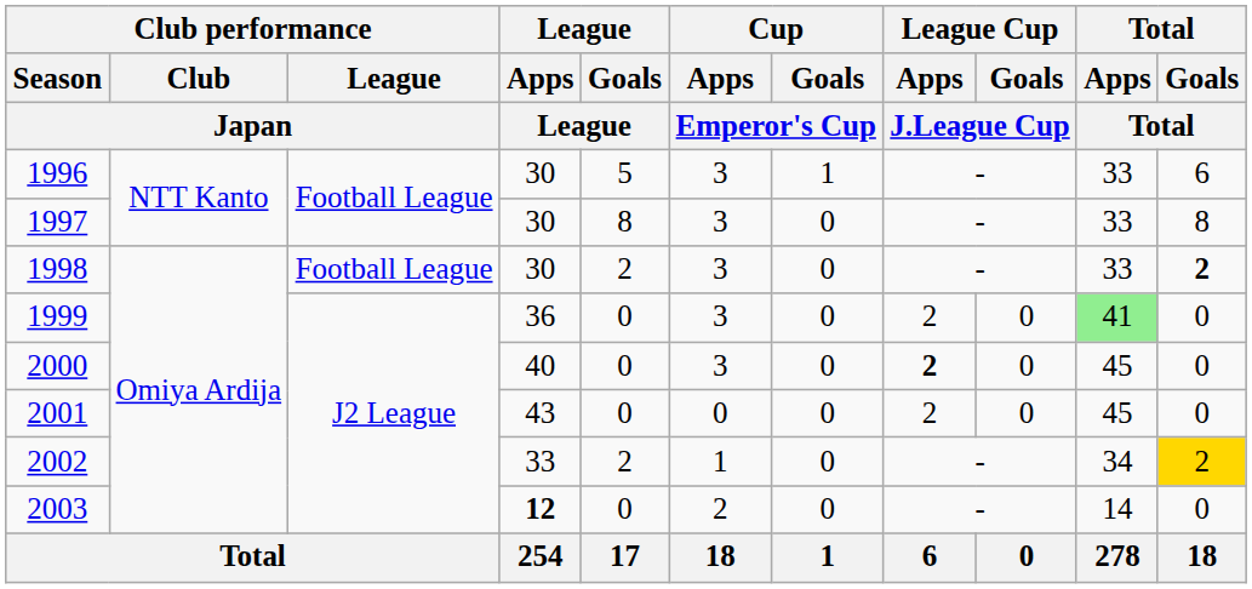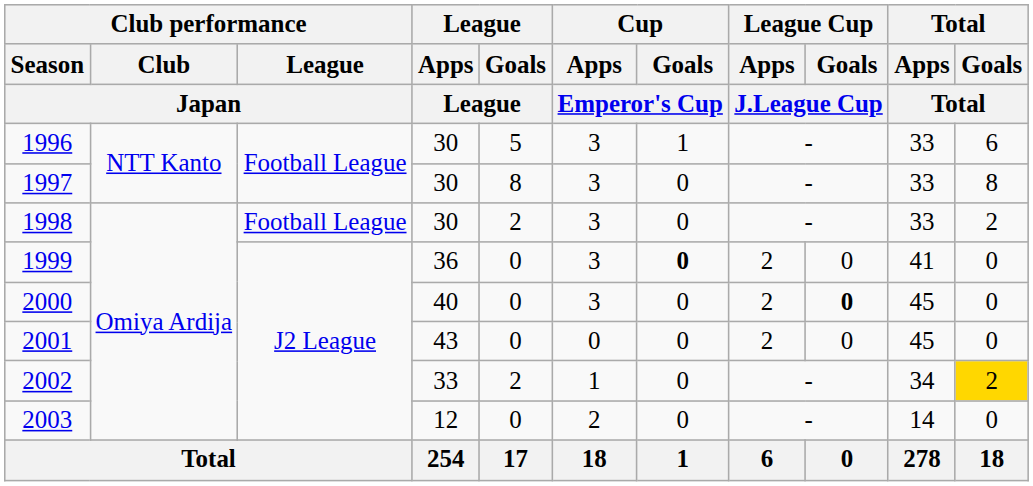 <table class="wikitable" style="text-align:center;">
 <tr>
 <th colspan=3>Club performance</th>
 <th colspan=2>League</th>
 <th colspan=2>Cup</th>
 <th colspan=2>League Cup</th>
 <th colspan=2>Total</th>
 </tr>
 <tr>
 <th>Season</th>
 <th>Club</th>
 <th>League</th>
 <th>Apps</th>
 <th>Goals</th>
 <th>Apps</th>
 <th>Goals</th>
 <th>Apps</th>
 <th>Goals</th>
 <th>Apps</th>
 <th>Goals</th>
 </tr>
 <tr>
 <th colspan=3>Japan</th>
 <th colspan=2>League</th>
 <th colspan=2><a href='#'>Emperor's Cup</a></th>
 <th colspan=2><a href='#'>J.League Cup</a></th>
 <th colspan=2>Total</th>
 </tr>
 <tr>
 <td><a href='#'>1996</a></td>
 <td rowspan="2"><a href='#'>NTT Kanto</a></td>
 <td rowspan="2"><a href='#'>Football League</a></td>
 <td>30</td>
 <td>5</td>
 <td>3</td>
 <td>1</td>
 <td colspan="2">-</td>
 <td>33</td>
 <td>6</td>
 </tr>
 <tr>
 <td><a href='#'>1997</a></td>
 <td>30</td>
 <td>8</td>
 <td>3</td>
 <td>0</td>
 <td colspan="2">-</td>
 <td>33</td>
 <td>8</td>
 </tr>
 <tr>
 <td><a href='#'>1998</a></td>
 <td rowspan="6"><a href='#'>Omiya Ardija</a></td>
 <td><a href='#'>Football League</a></td>
 <td>30</td>
 <td>2</td>
 <td>3</td>
 <td>0</td>
 <td colspan="2">-</td>
 <td>33</td>
-<td><strong>2</strong></td>
+<td>2</td>
 </tr>
 <tr>
 <td><a href='#'>1999</a></td>
 <td rowspan="5"><a href='#'>J2 League</a></td>
 <td>36</td>
 <td>0</td>
 <td>3</td>
-<td>0</td>
+<td><strong>0</strong></td>
 <td>2</td>
 <td>0</td>
-<td style="background: lightgreen;">41</td>
+<td>41</td>
 <td>0</td>
 </tr>
 <tr>
 <td><a href='#'>2000</a></td>
 <td>40</td>
 <td>0</td>
 <td>3</td>
 <td>0</td>
-<td><strong>2</strong></td>
-<td>0</td>
+<td>2</td>
+<td><strong>0</strong></td>
 <td>45</td>
 <td>0</td>
 </tr>
 <tr>
 <td><a href='#'>2001</a></td>
 <td>43</td>
 <td>0</td>
 <td>0</td>
 <td>0</td>
 <td>2</td>
 <td>0</td>
 <td>45</td>
 <td>0</td>
 </tr>
 <tr>
 <td><a href='#'>2002</a></td>
 <td>33</td>
 <td>2</td>
 <td>1</td>
 <td>0</td>
 <td colspan="2">-</td>
 <td>34</td>
 <td style="background: gold;">2</td>
 </tr>
 <tr>
 <td><a href='#'>2003</a></td>
-<td><strong>12</strong></td>
+<td>12</td>
 <td>0</td>
 <td>2</td>
 <td>0</td>
 <td colspan="2">-</td>
 <td>14</td>
 <td>0</td>
 </tr>
 <tr>
 <th colspan=3>Total</th>
 <th>254</th>
 <th>17</th>
 <th>18</th>
 <th>1</th>
 <th>6</th>
 <th>0</th>
 <th>278</th>
 <th>18</th>
 </tr>
 </table>
